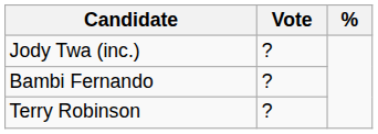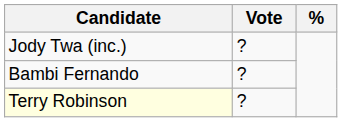 <table class="wikitable">
 <tr>
 <th bgcolor="#DDDDFF" width="200px">Candidate</th>
 <th bgcolor="#DDDDFF" width="50px">Vote</th>
 <th bgcolor="#DDDDFF" width="30px">%</th>
 </tr>
 <tr>
 <td>Jody Twa (inc.)</td>
 <td>?</td>
 </tr>
 <tr>
 <td>Bambi Fernando</td>
 <td>?</td>
 </tr>
 <tr>
-<td>Terry Robinson</td>
+<td style="background: lightyellow;">Terry Robinson</td>
 <td>?</td>
 </tr>
 </table>
